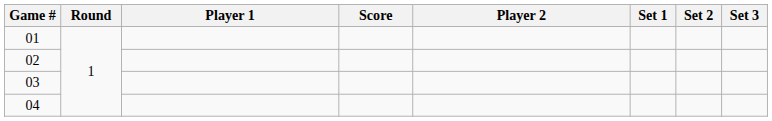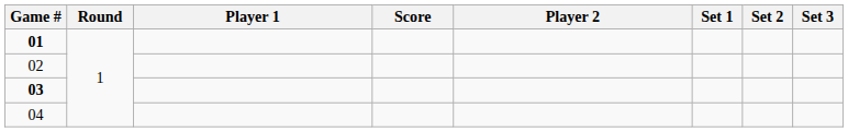 <table class="wikitable">
 <tr>
 <th width="2%">Game #</th>
 <th width="2%">Round</th>
 <th width="15%">Player 1</th>
 <th width="5%">Score</th>
 <th width="15%">Player 2</th>
 <th width="3%">Set 1</th>
 <th width="3%">Set 2</th>
 <th width="3%">Set 3</th>
 </tr>
 <tr style=text-align:center;>
-<td>01</td>
+<td><strong>01</strong></td>
 <td rowspan=4>1</td>
 <td></td>
 <td></td>
 <td></td>
 <td></td>
 <td></td>
 <td></td>
 </tr>
 <tr style=text-align:center;>
 <td>02</td>
 <td></td>
 <td></td>
 <td></td>
 <td></td>
 <td></td>
 <td></td>
 </tr>
 <tr style=text-align:center;>
-<td>03</td>
+<td><strong>03</strong></td>
 <td></td>
 <td></td>
 <td></td>
 <td></td>
 <td></td>
 <td></td>
 </tr>
 <tr style=text-align:center;>
 <td>04</td>
 <td></td>
 <td></td>
 <td></td>
 <td></td>
 <td></td>
 <td></td>
 </tr>
 </table>
